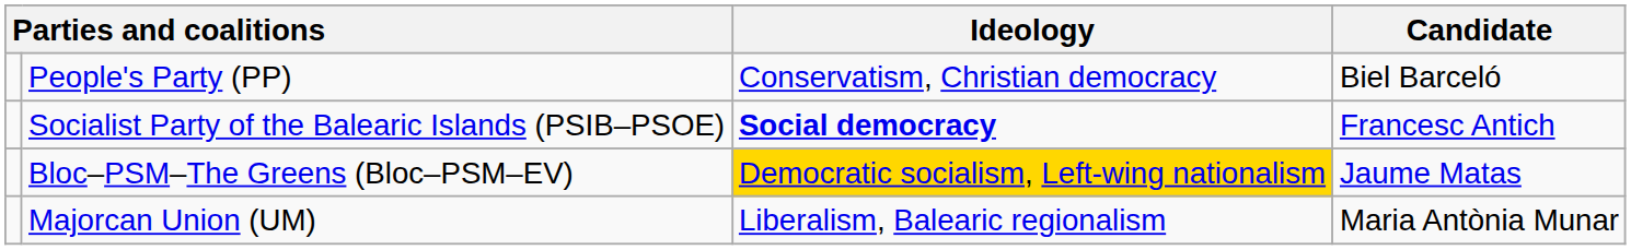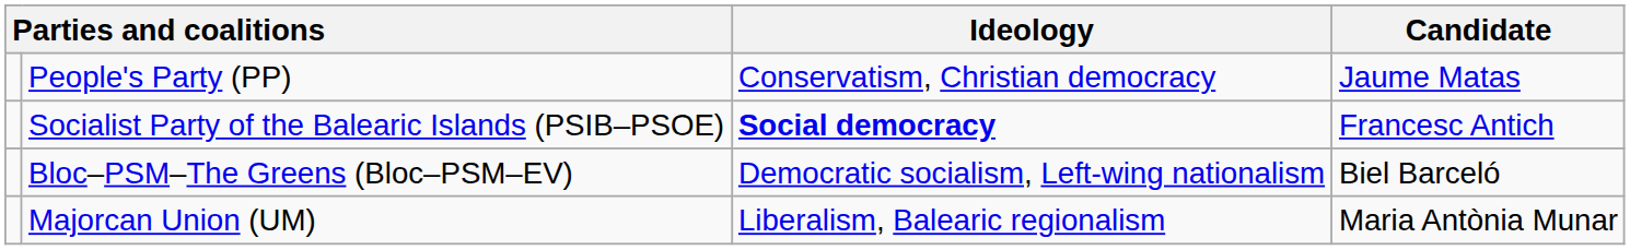 <table class="wikitable" style="font-size:95%;">
 <tr>
 <th style="text-align:left;" colspan="2">Parties and coalitions</th>
 <th>Ideology</th>
 <th>Candidate</th>
 </tr>
 <tr>
 <td width="1" style="color:inherit;background:"></td>
 <td><a href='#'>People's Party</a> (PP)</td>
 <td><a href='#'>Conservatism</a>, <a href='#'>Christian democracy</a></td>
-<td>Biel Barceló</td>
+<td><a href='#'>Jaume Matas</a></td>
 </tr>
 <tr>
 <td style="color:inherit;background:"></td>
 <td><a href='#'>Socialist Party of the Balearic Islands</a> (PSIB–PSOE)</td>
 <td><strong><a href='#'>Social democracy</a></strong></td>
 <td><a href='#'>Francesc Antich</a></td>
 </tr>
 <tr>
 <td style="color:inherit;background:"></td>
 <td><a href='#'>Bloc</a>–<a href='#'>PSM</a>–<a href='#'>The Greens</a> (Bloc–PSM–EV)</td>
-<td style="background: gold;"><a href='#'>Democratic socialism</a>, <a href='#'>Left-wing nationalism</a></td>
-<td><a href='#'>Jaume Matas</a></td>
+<td><a href='#'>Democratic socialism</a>, <a href='#'>Left-wing nationalism</a></td>
+<td>Biel Barceló</td>
 </tr>
 <tr>
 <td style="color:inherit;background:"></td>
 <td><a href='#'>Majorcan Union</a> (UM)</td>
 <td><a href='#'>Liberalism</a>, <a href='#'>Balearic regionalism</a></td>
 <td>Maria Antònia Munar</td>
 </tr>
 </table>
